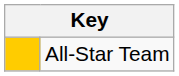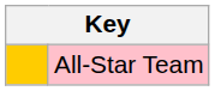 <table class="wikitable" style="text-align: center;">
 <tr>
 <th colspan=2>Key</th>
 </tr>
 <tr>
 <td style="background:#FFCC00; width:20px;"></td>
-<td align=left>All-Star Team</td>
+<td align=left style="background: pink;">All-Star Team</td>
 </tr>
 </table>
